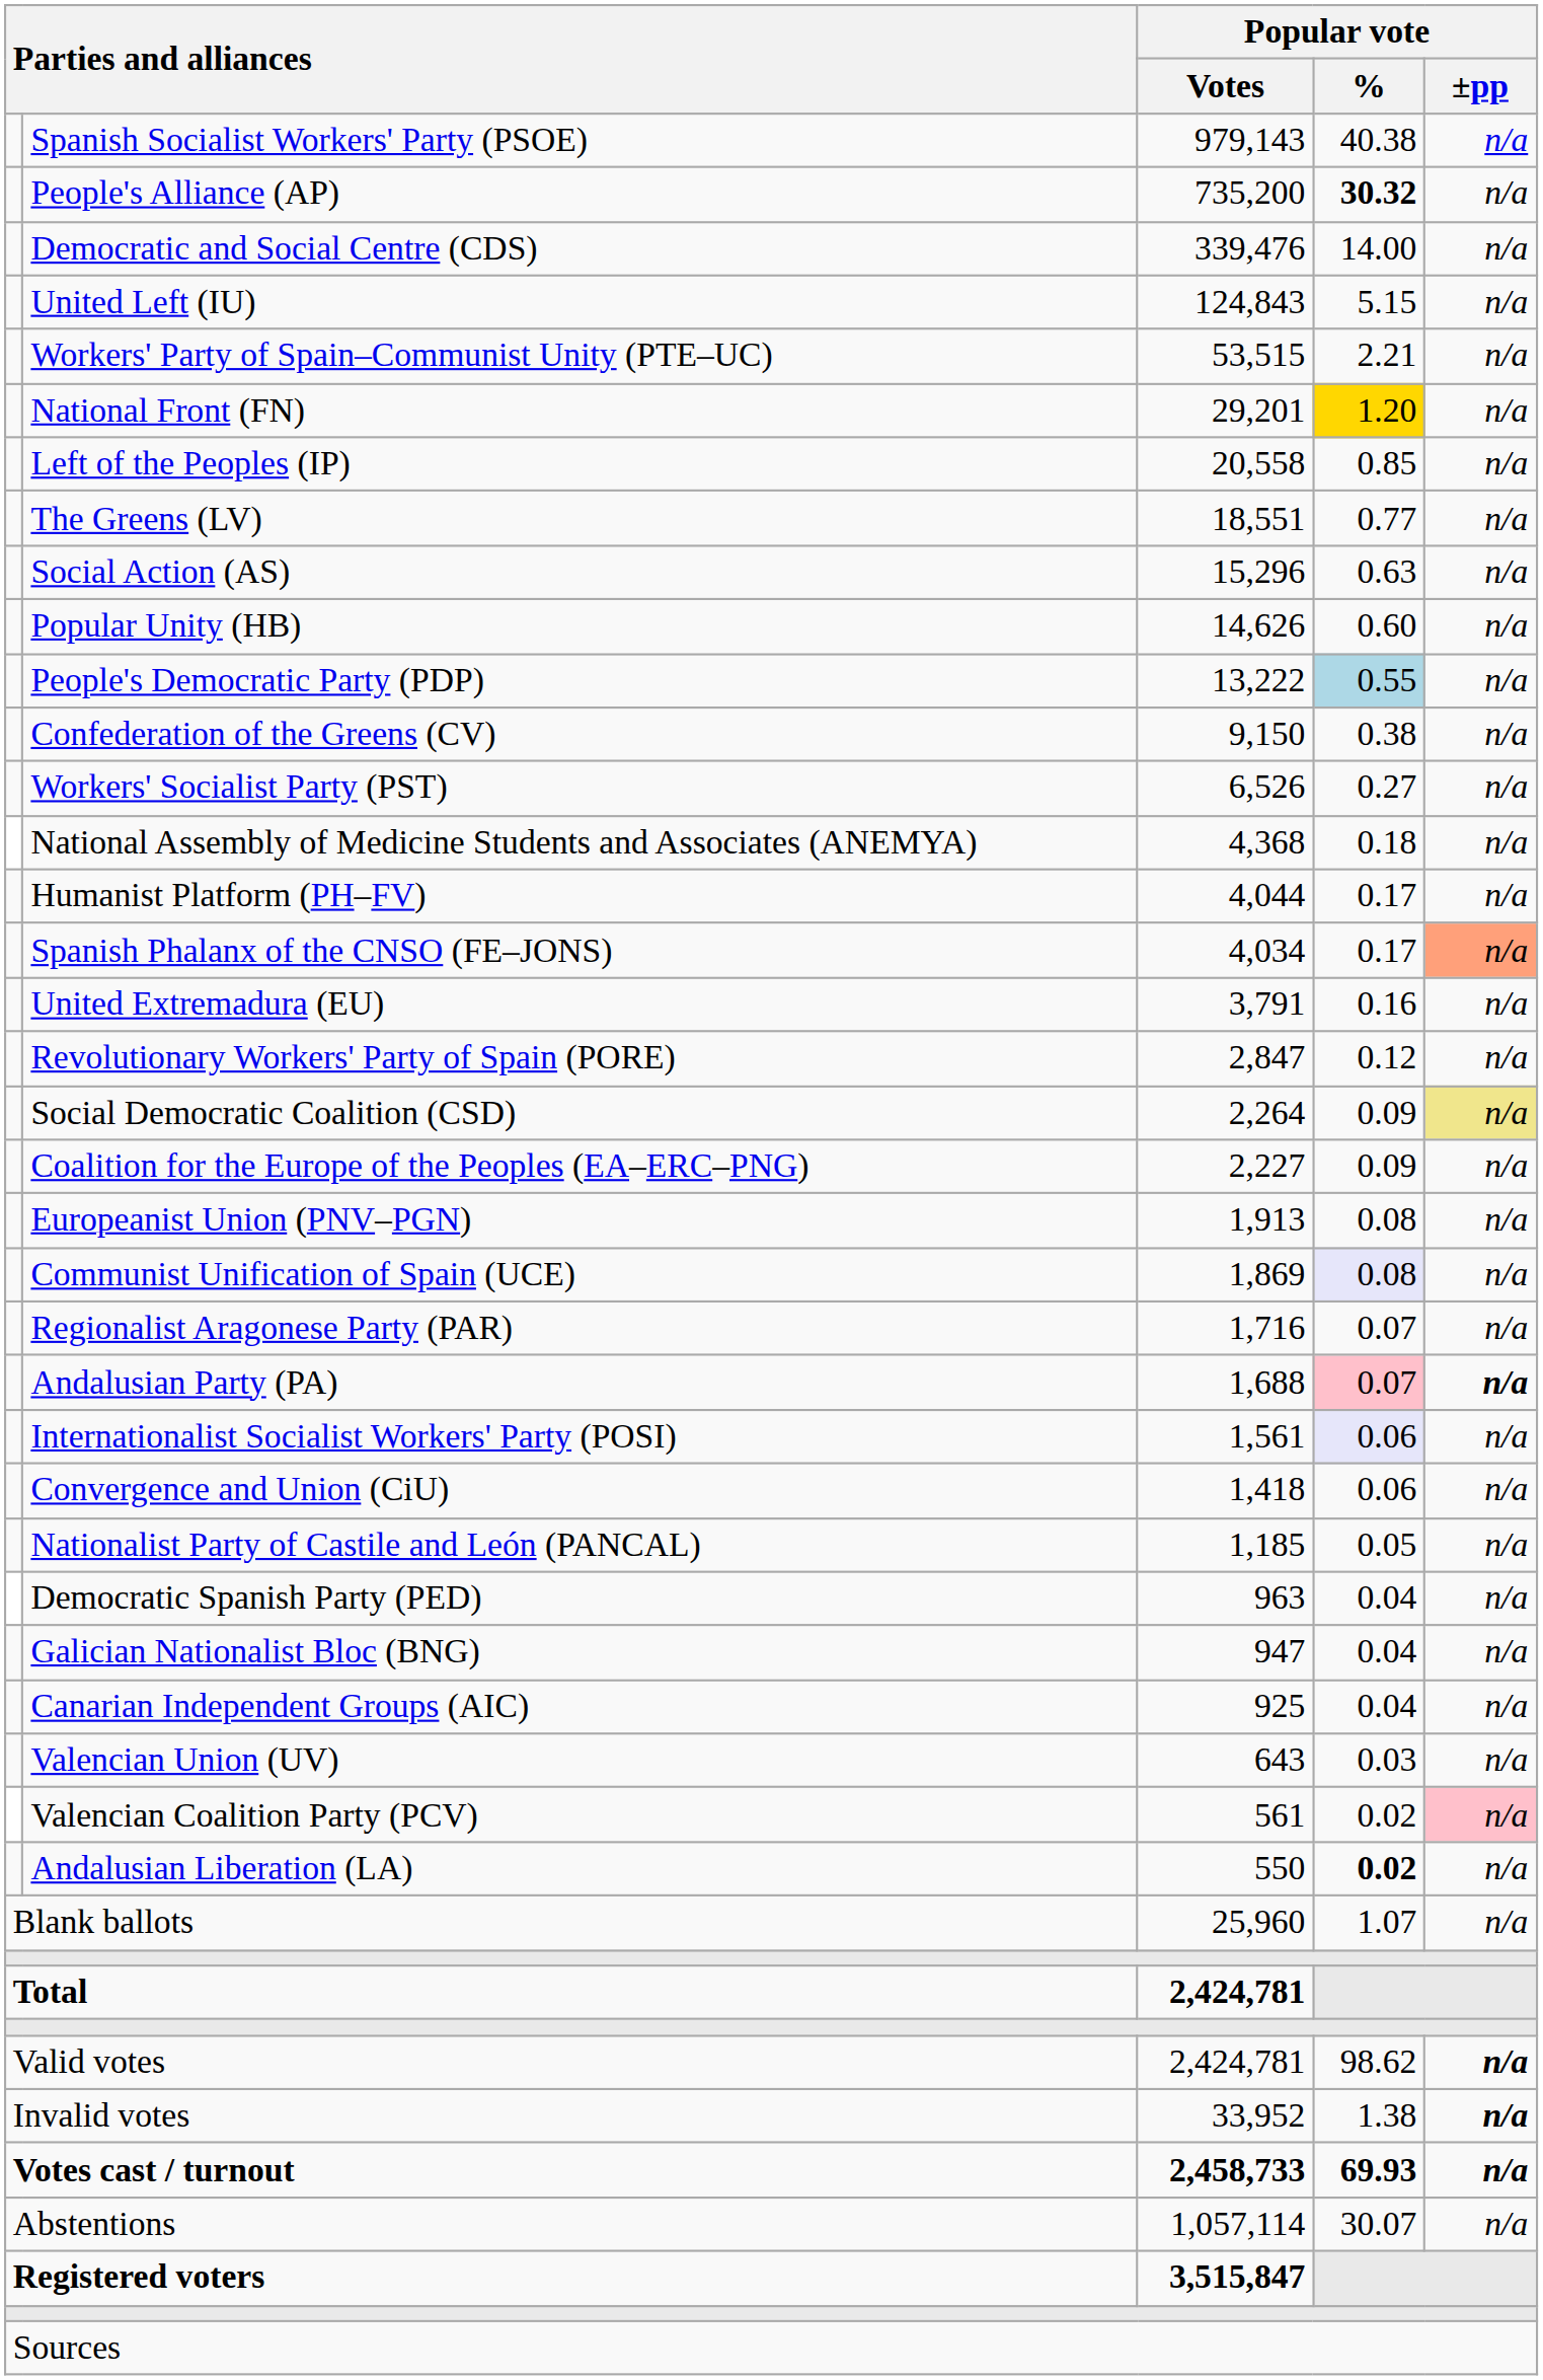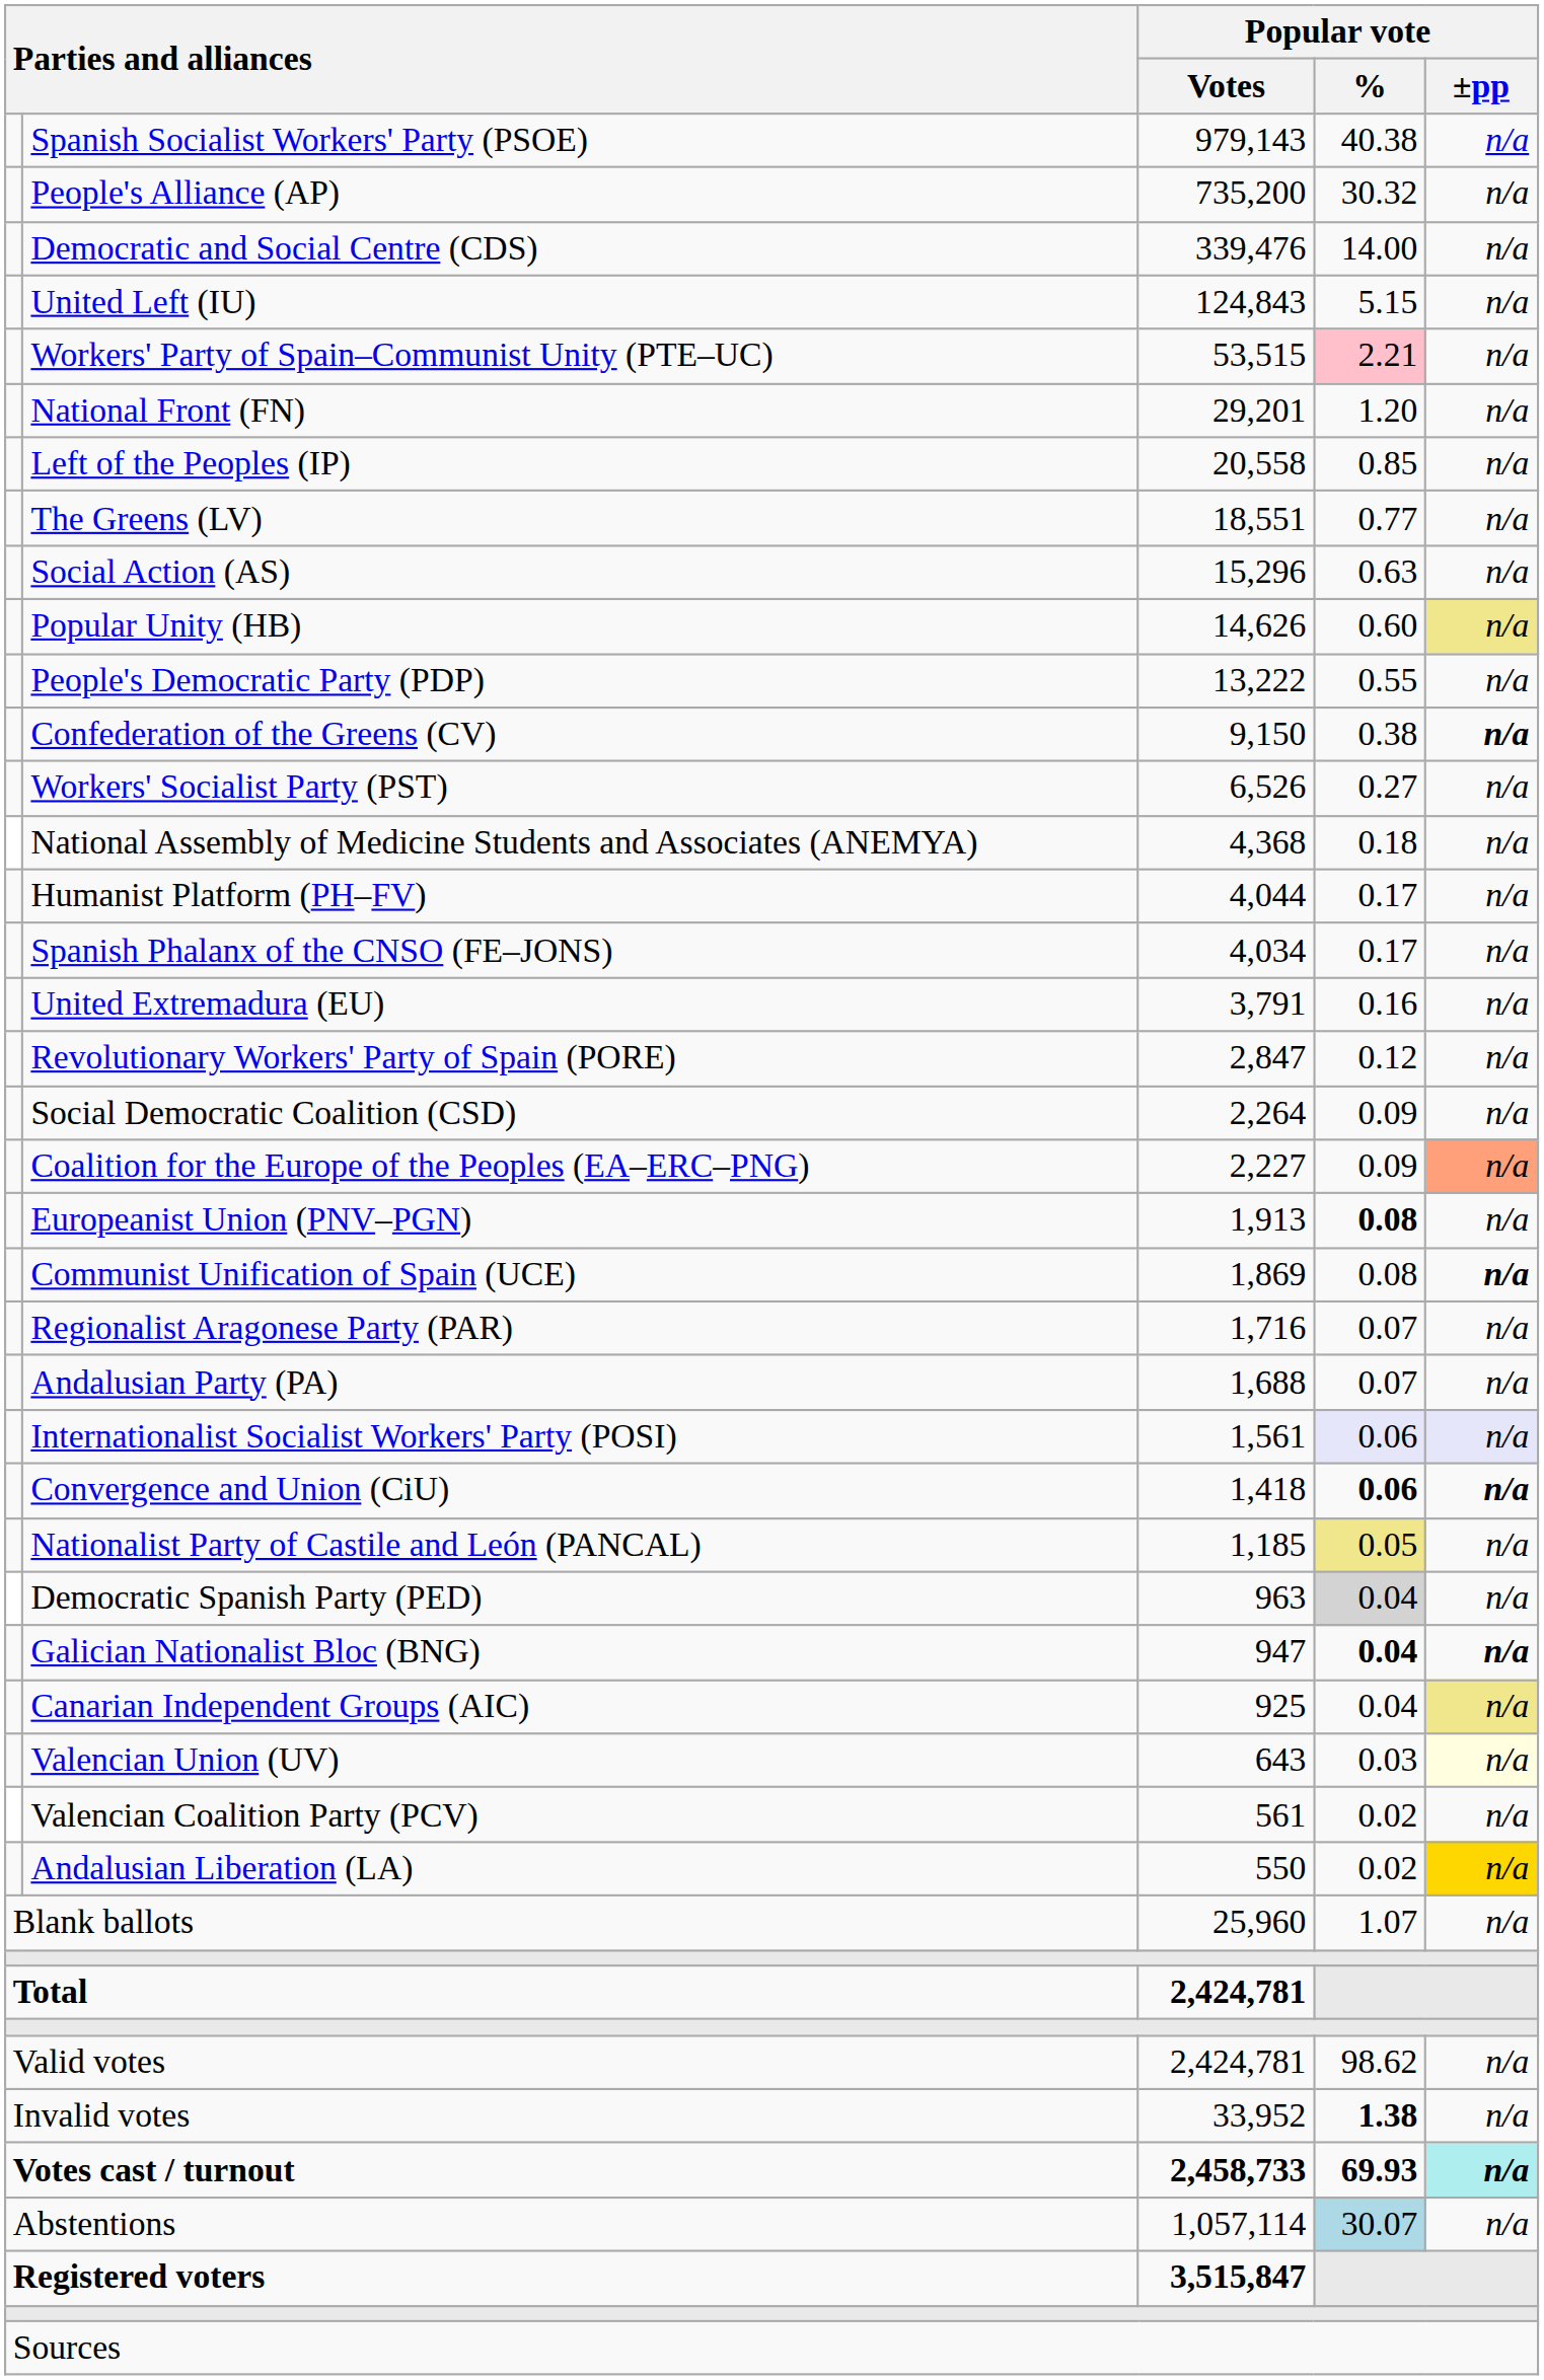 <table class="wikitable" style="text-align:right">
 <tr>
 <th style="text-align:left;" rowspan="2" colspan="2" width="525">Parties and alliances</th>
 <th colspan="3">Popular vote</th>
 </tr>
 <tr>
 <th width="75">Votes</th>
 <th width="45">%</th>
 <th width="45">±<a href='#'>pp</a></th>
 </tr>
 <tr>
 <td width="1" style="color:inherit;background:"></td>
 <td align="left"><a href='#'>Spanish Socialist Workers' Party</a> (PSOE)</td>
 <td>979,143</td>
 <td>40.38</td>
 <td><em><a href='#'>n/a</a></em></td>
 </tr>
 <tr>
 <td style="color:inherit;background:"></td>
 <td align="left"><a href='#'>People's Alliance</a> (AP)</td>
 <td>735,200</td>
-<td><strong>30.32</strong></td>
+<td>30.32</td>
 <td><em>n/a</em></td>
 </tr>
 <tr>
 <td style="color:inherit;background:"></td>
 <td align="left"><a href='#'>Democratic and Social Centre</a> (CDS)</td>
 <td>339,476</td>
 <td>14.00</td>
 <td><em>n/a</em></td>
 </tr>
 <tr>
 <td style="color:inherit;background:"></td>
 <td align="left"><a href='#'>United Left</a> (IU)</td>
 <td>124,843</td>
 <td>5.15</td>
 <td><em>n/a</em></td>
 </tr>
 <tr>
 <td style="color:inherit;background:"></td>
 <td align="left"><a href='#'>Workers' Party of Spain–Communist Unity</a> (PTE–UC)</td>
 <td>53,515</td>
-<td>2.21</td>
+<td style="background: pink;">2.21</td>
 <td><em>n/a</em></td>
 </tr>
 <tr>
 <td style="color:inherit;background:"></td>
 <td align="left"><a href='#'>National Front</a> (FN)</td>
 <td>29,201</td>
-<td style="background: gold;">1.20</td>
+<td>1.20</td>
 <td><em>n/a</em></td>
 </tr>
 <tr>
 <td style="color:inherit;background:"></td>
 <td align="left"><a href='#'>Left of the Peoples</a> (IP)</td>
 <td>20,558</td>
 <td>0.85</td>
 <td><em>n/a</em></td>
 </tr>
 <tr>
 <td style="color:inherit;background:"></td>
 <td align="left"><a href='#'>The Greens</a> (LV)</td>
 <td>18,551</td>
 <td>0.77</td>
 <td><em>n/a</em></td>
 </tr>
 <tr>
 <td style="color:inherit;background:"></td>
 <td align="left"><a href='#'>Social Action</a> (AS)</td>
 <td>15,296</td>
 <td>0.63</td>
 <td><em>n/a</em></td>
 </tr>
 <tr>
 <td style="color:inherit;background:"></td>
 <td align="left"><a href='#'>Popular Unity</a> (HB)</td>
 <td>14,626</td>
 <td>0.60</td>
-<td><em>n/a</em></td>
+<td style="background: khaki;"><em>n/a</em></td>
 </tr>
 <tr>
 <td style="color:inherit;background:"></td>
 <td align="left"><a href='#'>People's Democratic Party</a> (PDP)</td>
 <td>13,222</td>
-<td style="background: lightblue;">0.55</td>
+<td>0.55</td>
 <td><em>n/a</em></td>
 </tr>
 <tr>
 <td style="color:inherit;background:"></td>
 <td align="left"><a href='#'>Confederation of the Greens</a> (CV)</td>
 <td>9,150</td>
 <td>0.38</td>
-<td><em>n/a</em></td>
+<td><strong><em>n/a</em></strong></td>
 </tr>
 <tr>
 <td style="color:inherit;background:"></td>
 <td align="left"><a href='#'>Workers' Socialist Party</a> (PST)</td>
 <td>6,526</td>
 <td>0.27</td>
 <td><em>n/a</em></td>
 </tr>
 <tr>
 <td bgcolor="white"></td>
 <td align="left">National Assembly of Medicine Students and Associates (ANEMYA)</td>
 <td>4,368</td>
 <td>0.18</td>
 <td><em>n/a</em></td>
 </tr>
 <tr>
 <td style="color:inherit;background:"></td>
 <td align="left">Humanist Platform (<a href='#'>PH</a>–<a href='#'>FV</a>)</td>
 <td>4,044</td>
 <td>0.17</td>
 <td><em>n/a</em></td>
 </tr>
 <tr>
 <td style="color:inherit;background:"></td>
 <td align="left"><a href='#'>Spanish Phalanx of the CNSO</a> (FE–JONS)</td>
 <td>4,034</td>
 <td>0.17</td>
-<td style="background: lightsalmon;"><em>n/a</em></td>
+<td><em>n/a</em></td>
 </tr>
 <tr>
 <td style="color:inherit;background:"></td>
 <td align="left"><a href='#'>United Extremadura</a> (EU)</td>
 <td>3,791</td>
 <td>0.16</td>
 <td><em>n/a</em></td>
 </tr>
 <tr>
 <td style="color:inherit;background:"></td>
 <td align="left"><a href='#'>Revolutionary Workers' Party of Spain</a> (PORE)</td>
 <td>2,847</td>
 <td>0.12</td>
 <td><em>n/a</em></td>
 </tr>
 <tr>
 <td style="color:inherit;background:"></td>
 <td align="left">Social Democratic Coalition (CSD)</td>
 <td>2,264</td>
 <td>0.09</td>
-<td style="background: khaki;"><em>n/a</em></td>
+<td><em>n/a</em></td>
 </tr>
 <tr>
 <td style="color:inherit;background:"></td>
 <td align="left"><a href='#'>Coalition for the Europe of the Peoples</a> (<a href='#'>EA</a>–<a href='#'>ERC</a>–<a href='#'>PNG</a>)</td>
 <td>2,227</td>
 <td>0.09</td>
-<td><em>n/a</em></td>
+<td style="background: lightsalmon;"><em>n/a</em></td>
 </tr>
 <tr>
 <td style="color:inherit;background:"></td>
 <td align="left"><a href='#'>Europeanist Union</a> (<a href='#'>PNV</a>–<a href='#'>PGN</a>)</td>
 <td>1,913</td>
-<td>0.08</td>
+<td><strong>0.08</strong></td>
 <td><em>n/a</em></td>
 </tr>
 <tr>
 <td style="color:inherit;background:"></td>
 <td align="left"><a href='#'>Communist Unification of Spain</a> (UCE)</td>
 <td>1,869</td>
-<td style="background: lavender;">0.08</td>
-<td><em>n/a</em></td>
+<td>0.08</td>
+<td><strong><em>n/a</em></strong></td>
 </tr>
 <tr>
 <td style="color:inherit;background:"></td>
 <td align="left"><a href='#'>Regionalist Aragonese Party</a> (PAR)</td>
 <td>1,716</td>
 <td>0.07</td>
 <td><em>n/a</em></td>
 </tr>
 <tr>
 <td style="color:inherit;background:"></td>
 <td align="left"><a href='#'>Andalusian Party</a> (PA)</td>
 <td>1,688</td>
-<td style="background: pink;">0.07</td>
-<td><strong><em>n/a</em></strong></td>
+<td>0.07</td>
+<td><em>n/a</em></td>
 </tr>
 <tr>
 <td style="color:inherit;background:"></td>
 <td align="left"><a href='#'>Internationalist Socialist Workers' Party</a> (POSI)</td>
 <td>1,561</td>
 <td style="background: lavender;">0.06</td>
-<td><em>n/a</em></td>
+<td style="background: lavender;"><em>n/a</em></td>
 </tr>
 <tr>
 <td style="color:inherit;background:"></td>
 <td align="left"><a href='#'>Convergence and Union</a> (CiU)</td>
 <td>1,418</td>
-<td>0.06</td>
-<td><em>n/a</em></td>
+<td><strong>0.06</strong></td>
+<td><strong><em>n/a</em></strong></td>
 </tr>
 <tr>
 <td style="color:inherit;background:"></td>
 <td align="left"><a href='#'>Nationalist Party of Castile and León</a> (PANCAL)</td>
 <td>1,185</td>
-<td>0.05</td>
+<td style="background: khaki;">0.05</td>
 <td><em>n/a</em></td>
 </tr>
 <tr>
 <td bgcolor="white"></td>
 <td align="left">Democratic Spanish Party (PED)</td>
 <td>963</td>
-<td>0.04</td>
+<td style="background: lightgrey;">0.04</td>
 <td><em>n/a</em></td>
 </tr>
 <tr>
 <td style="color:inherit;background:"></td>
 <td align="left"><a href='#'>Galician Nationalist Bloc</a> (BNG)</td>
 <td>947</td>
-<td>0.04</td>
-<td><em>n/a</em></td>
+<td><strong>0.04</strong></td>
+<td><strong><em>n/a</em></strong></td>
 </tr>
 <tr>
 <td style="color:inherit;background:"></td>
 <td align="left"><a href='#'>Canarian Independent Groups</a> (AIC)</td>
 <td>925</td>
 <td>0.04</td>
-<td><em>n/a</em></td>
+<td style="background: khaki;"><em>n/a</em></td>
 </tr>
 <tr>
 <td style="color:inherit;background:"></td>
 <td align="left"><a href='#'>Valencian Union</a> (UV)</td>
 <td>643</td>
 <td>0.03</td>
-<td><em>n/a</em></td>
+<td style="background: lightyellow;"><em>n/a</em></td>
 </tr>
 <tr>
 <td bgcolor="white"></td>
 <td align="left">Valencian Coalition Party (PCV)</td>
 <td>561</td>
 <td>0.02</td>
-<td style="background: pink;"><em>n/a</em></td>
+<td><em>n/a</em></td>
 </tr>
 <tr>
 <td style="color:inherit;background:"></td>
 <td align="left"><a href='#'>Andalusian Liberation</a> (LA)</td>
 <td>550</td>
-<td><strong>0.02</strong></td>
-<td><em>n/a</em></td>
+<td>0.02</td>
+<td style="background: gold;"><em>n/a</em></td>
 </tr>
 <tr>
 <td align="left" colspan="2">Blank ballots</td>
 <td>25,960</td>
 <td>1.07</td>
 <td><em>n/a</em></td>
 </tr>
 <tr>
 <td colspan="5" bgcolor="#E9E9E9"></td>
 </tr>
 <tr style="font-weight:bold;">
 <td align="left" colspan="2">Total</td>
 <td>2,424,781</td>
 <td bgcolor="#E9E9E9" colspan="2"></td>
 </tr>
 <tr>
 <td colspan="5" bgcolor="#E9E9E9"></td>
 </tr>
 <tr>
 <td align="left" colspan="2">Valid votes</td>
 <td>2,424,781</td>
 <td>98.62</td>
-<td><strong><em>n/a</em></strong></td>
+<td><em>n/a</em></td>
 </tr>
 <tr>
 <td align="left" colspan="2">Invalid votes</td>
 <td>33,952</td>
-<td>1.38</td>
-<td><strong><em>n/a</em></strong></td>
+<td><strong>1.38</strong></td>
+<td><em>n/a</em></td>
 </tr>
 <tr style="font-weight:bold;">
 <td align="left" colspan="2">Votes cast / turnout</td>
 <td>2,458,733</td>
 <td>69.93</td>
-<td><em>n/a</em></td>
+<td style="background: paleturquoise;"><em>n/a</em></td>
 </tr>
 <tr>
 <td align="left" colspan="2">Abstentions</td>
 <td>1,057,114</td>
-<td>30.07</td>
+<td style="background: lightblue;">30.07</td>
 <td><em>n/a</em></td>
 </tr>
 <tr style="font-weight:bold;">
 <td align="left" colspan="2">Registered voters</td>
 <td>3,515,847</td>
 <td bgcolor="#E9E9E9" colspan="2"></td>
 </tr>
 <tr>
 <td colspan="5" bgcolor="#E9E9E9"></td>
 </tr>
 <tr>
 <td align="left" colspan="5">Sources</td>
 </tr>
 </table>
